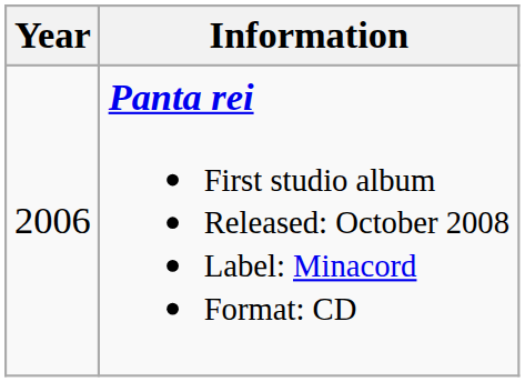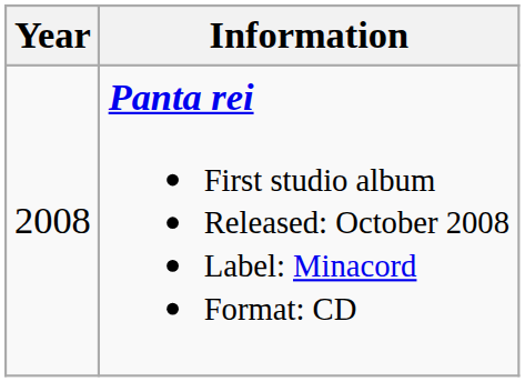 <table class="wikitable">
 <tr>
 <th align="center" rowspan="1">Year</th>
 <th align="center" rowspan="1">Information</th>
 </tr>
 <tr>
-<td>2006</td>
+<td>2008</td>
 <td><strong><em><a href='#'>Panta rei</a></em></strong><br><ul><li><small>First studio album</small></li><li><small>Released: October 2008</small></li><li><small>Label: <a href='#'>Minacord</a></small></li><li><small>Format: CD</small></li></ul></td>
 </tr>
 </table>
